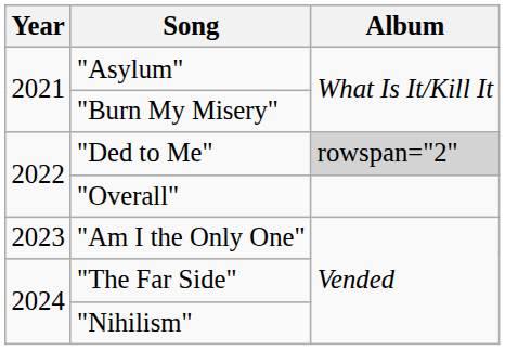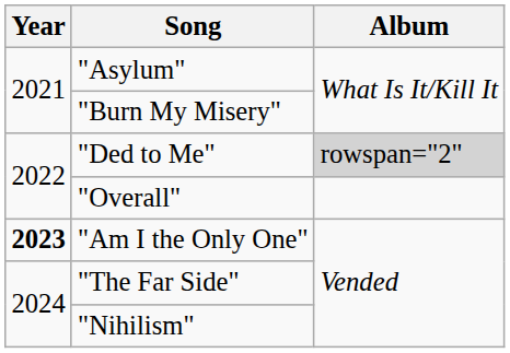 <table class="wikitable">
 <tr>
 <th>Year</th>
 <th>Song</th>
 <th>Album</th>
 </tr>
 <tr>
 <td rowspan=2>2021</td>
 <td>"Asylum"</td>
 <td rowspan=2><em>What Is It/Kill It</em></td>
 </tr>
 <tr>
 <td>"Burn My Misery"</td>
 </tr>
 <tr>
 <td rowspan=2>2022</td>
 <td>"Ded to Me"</td>
 <td style="background: lightgrey;">rowspan="2" </td>
 </tr>
 <tr>
 <td>"Overall"</td>
 </tr>
 <tr>
-<td>2023</td>
+<td><strong>2023</strong></td>
 <td>"Am I the Only One"</td>
 <td rowspan=3><em>Vended</em></td>
 </tr>
 <tr>
 <td rowspan=2>2024</td>
 <td>"The Far Side"</td>
 </tr>
 <tr>
 <td>"Nihilism"</td>
 </tr>
 </table>
